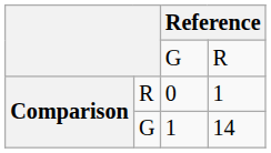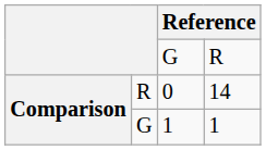 <table class="wikitable">
 <tr>
 <th colspan="2" rowspan="2"></th>
 <th colspan="2">Reference</th>
 </tr>
 <tr>
 <td>G</td>
 <td>R</td>
 </tr>
 <tr>
 <th rowspan="2">Comparison</th>
 <td>R</td>
 <td>0</td>
-<td>1</td>
+<td>14</td>
 </tr>
 <tr>
 <td>G</td>
 <td>1</td>
-<td>14</td>
+<td>1</td>
 </tr>
 </table>
